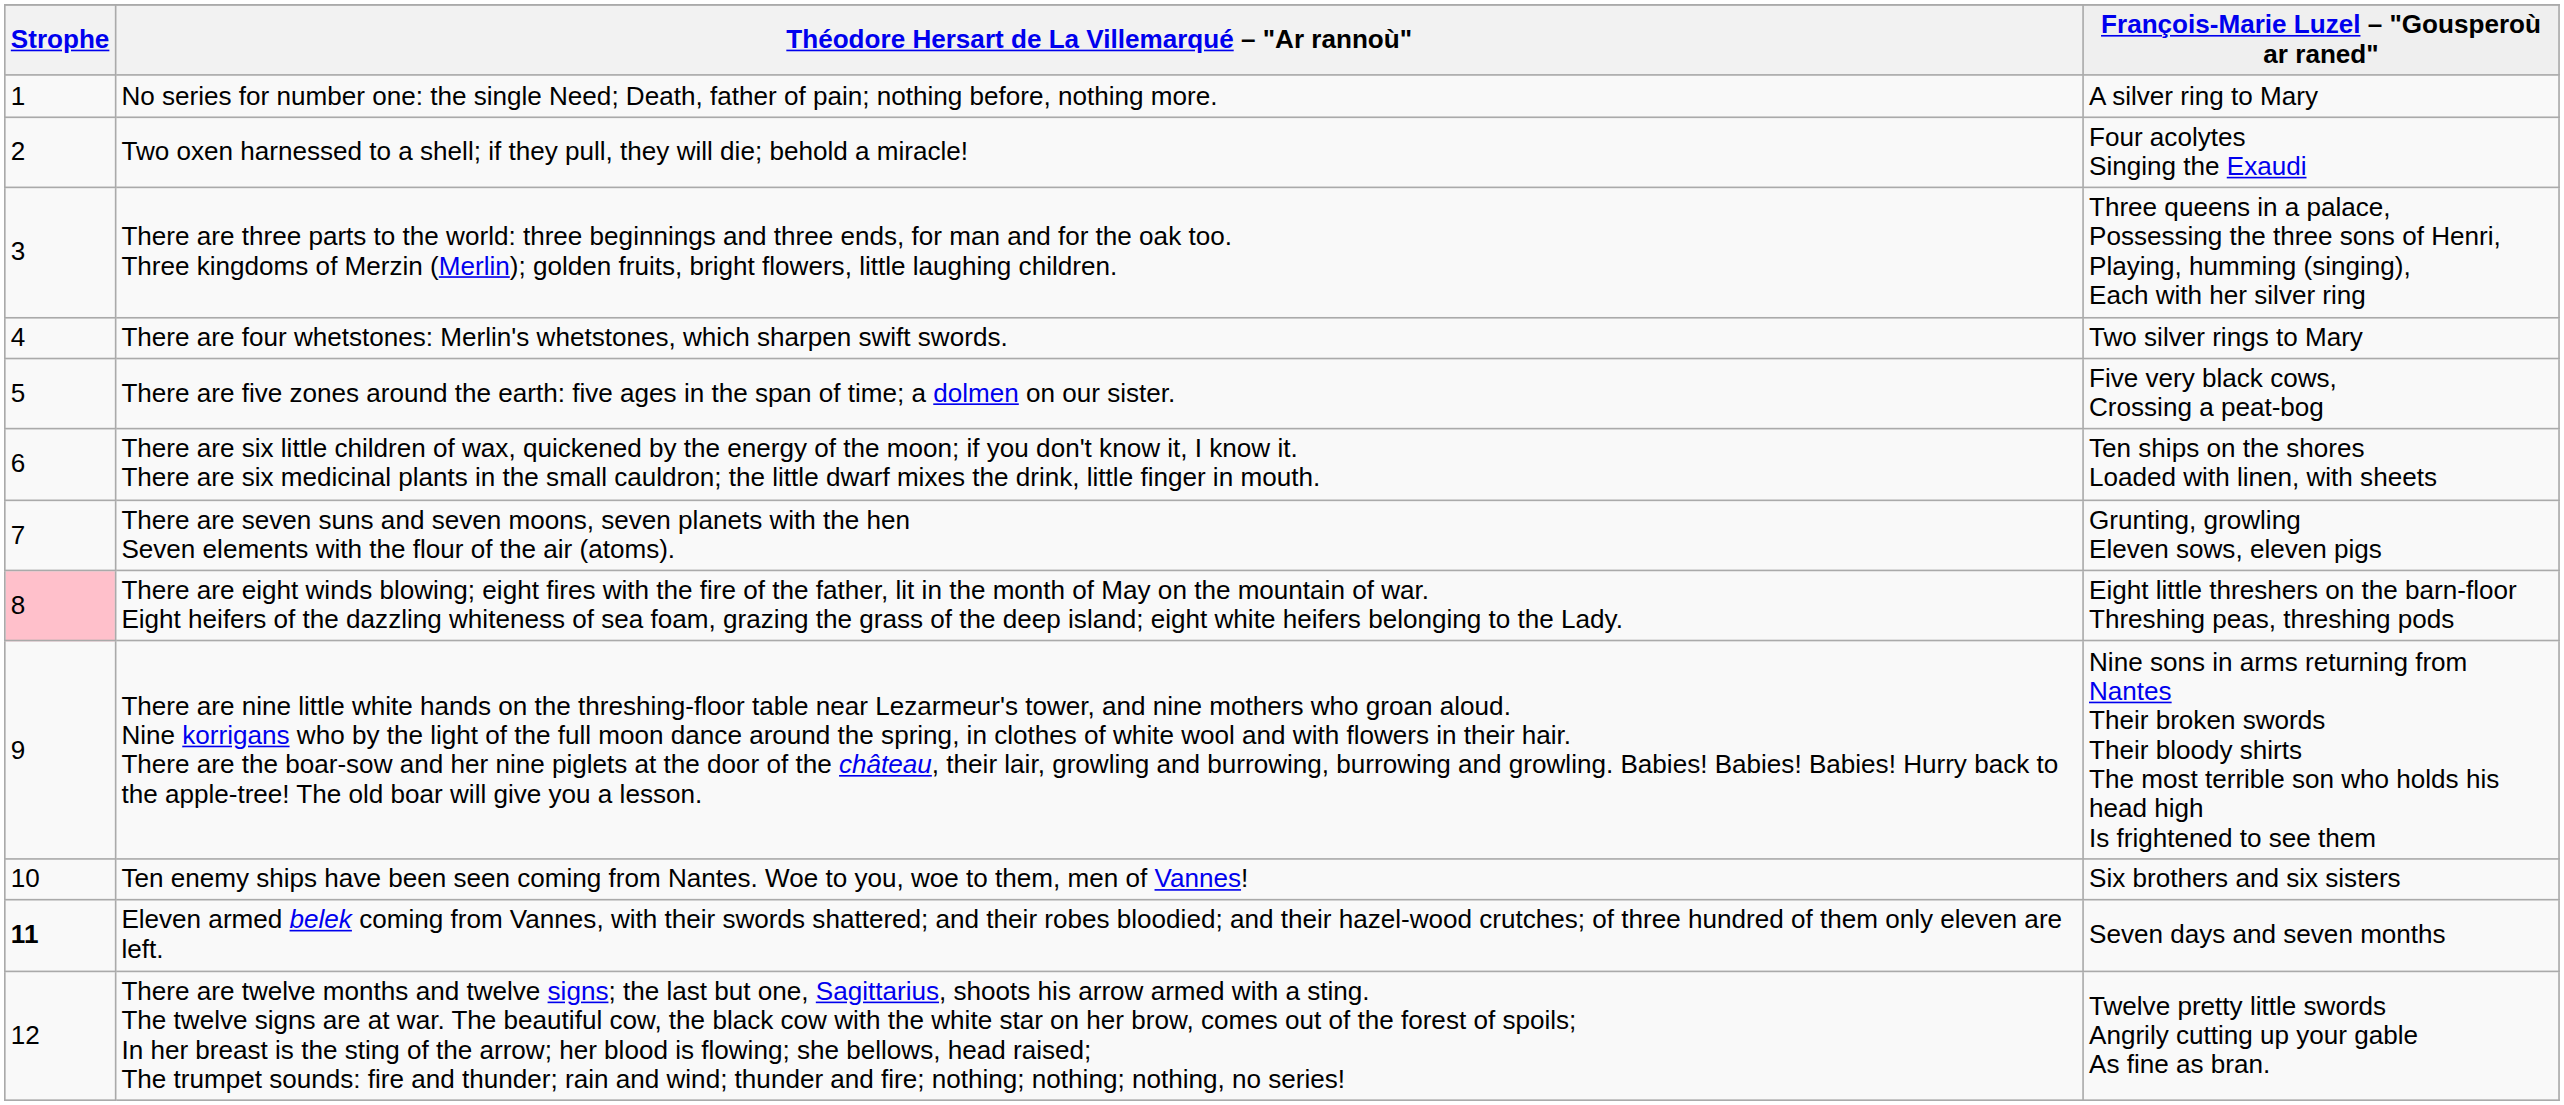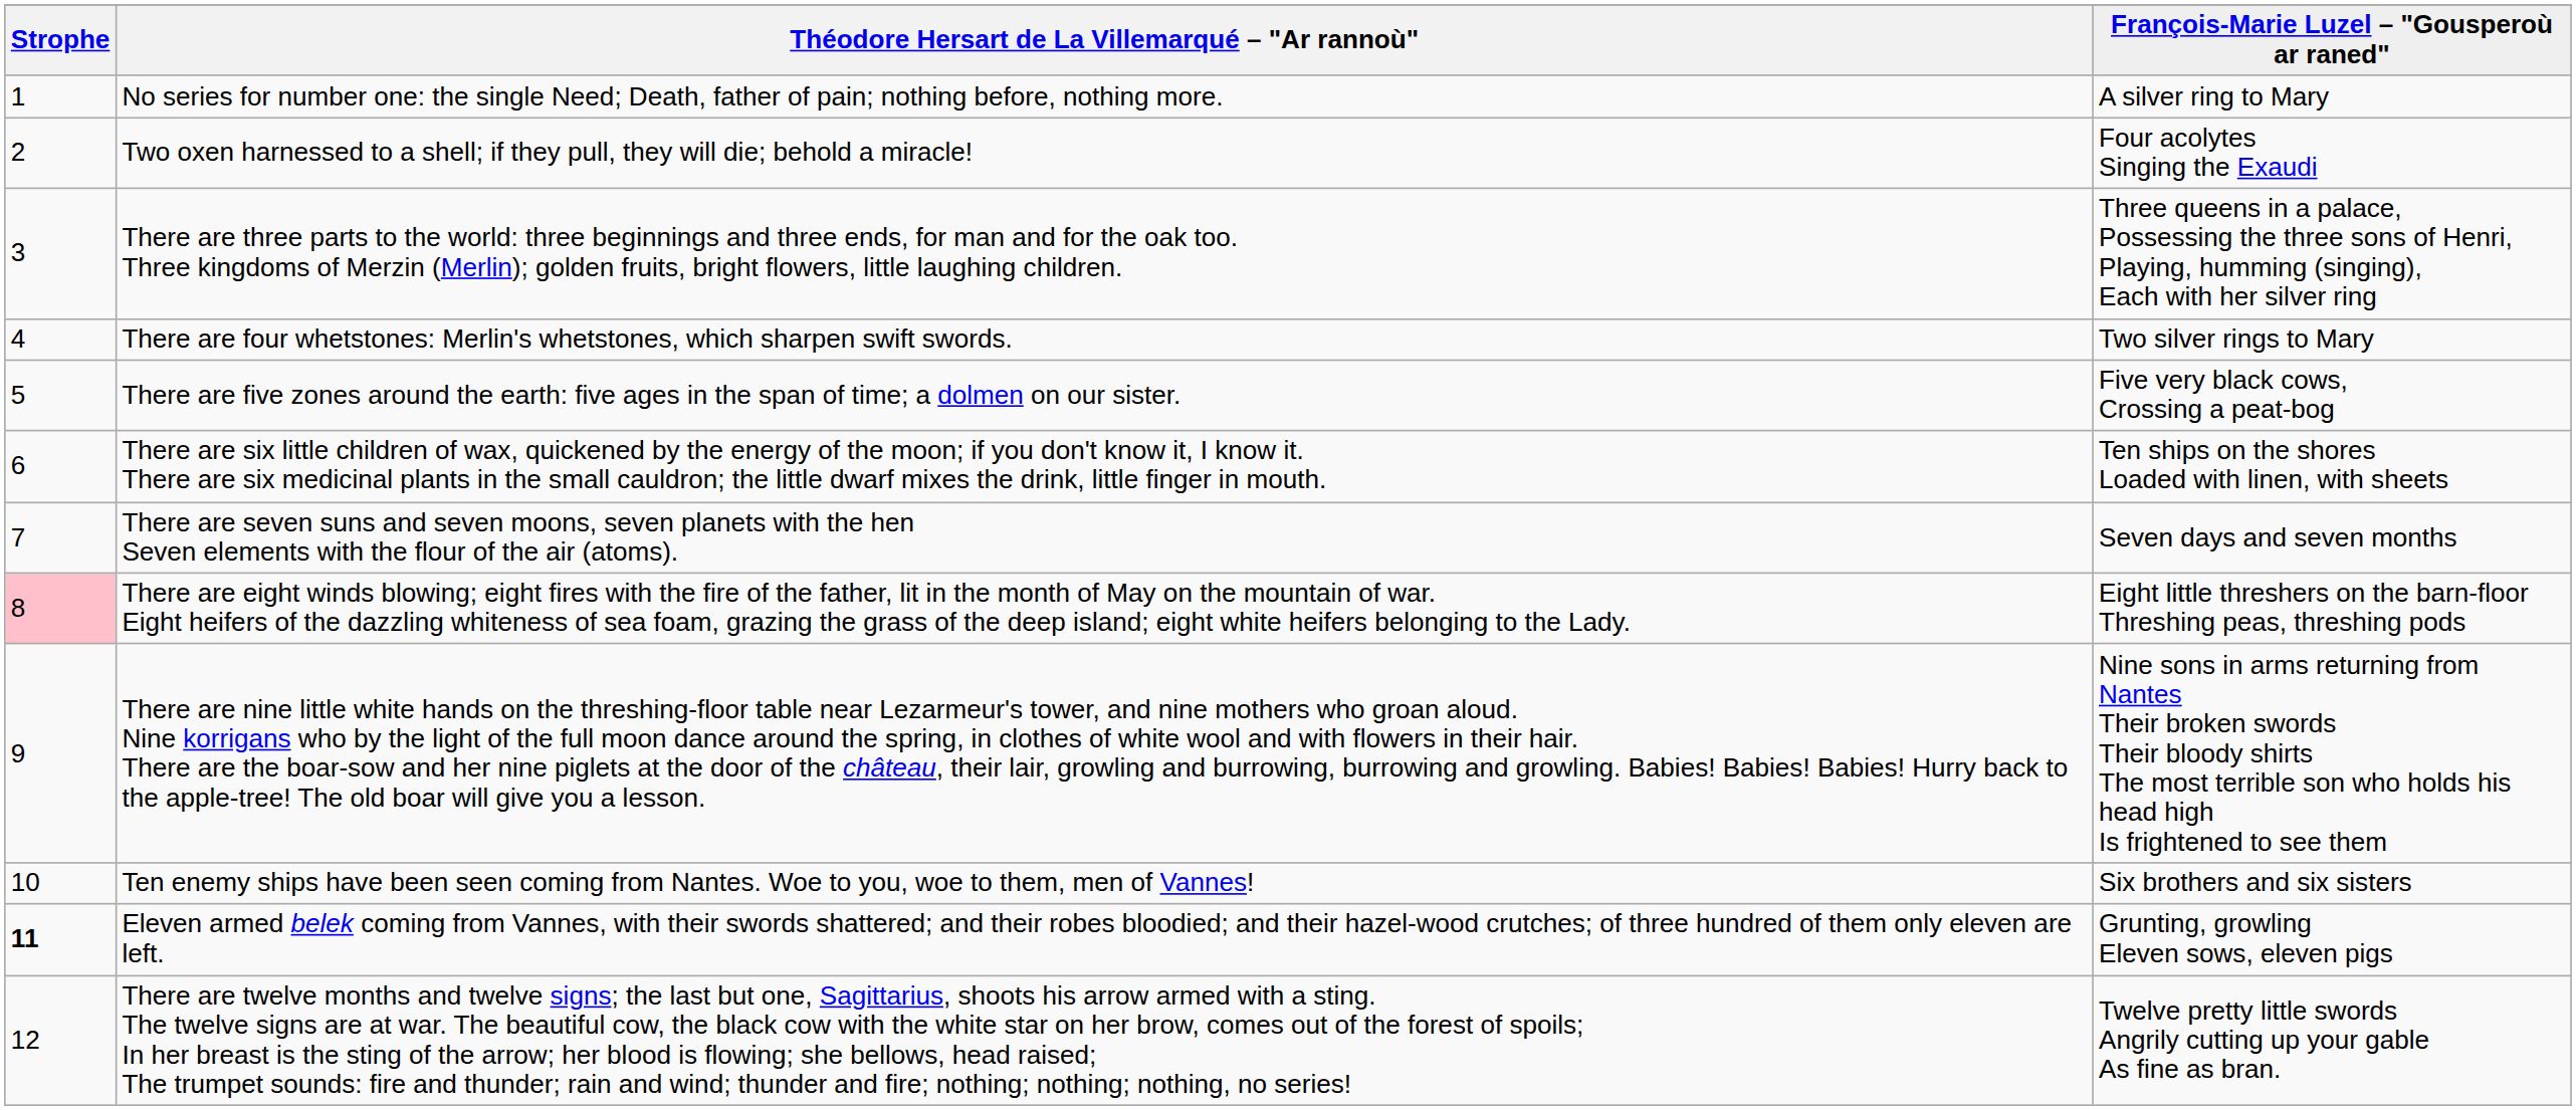 <table class="wikitable" width="auto" style="text-align: center">
 <tr>
 </tr>
 <tr style="background:#efefef;">
 <th><strong><a href='#'>Strophe</a></strong></th>
 <th><strong><a href='#'>Théodore Hersart de La Villemarqué</a> – "Ar rannoù"</strong></th>
 <td><strong><a href='#'>François-Marie Luzel</a> – "Gousperoù ar raned"</strong></td>
 </tr>
 <tr>
 <td style="text-align:left;">1</td>
 <td style="text-align:left;">No series for number one: the single Need; Death, father of pain; nothing before, nothing more.</td>
 <td style="text-align:left;">A silver ring to Mary</td>
 </tr>
 <tr>
 <td style="text-align:left;">2</td>
 <td style="text-align:left;">Two oxen harnessed to a shell; if they pull, they will die; behold a miracle!</td>
 <td style="text-align:left;">Four acolytes<br>Singing the <a href='#'>Exaudi</a></td>
 </tr>
 <tr>
 <td style="text-align:left;">3</td>
 <td style="text-align:left;">There are three parts to the world: three beginnings and three ends, for man and for the oak too.<br>Three kingdoms of Merzin (<a href='#'>Merlin</a>); golden fruits, bright flowers, little laughing children.</td>
 <td style="text-align:left;">Three queens in a palace,<br>Possessing the three sons of Henri,<br>Playing, humming (singing),<br>Each with her silver ring</td>
 </tr>
 <tr>
 <td style="text-align:left;">4</td>
 <td style="text-align:left;">There are four whetstones: Merlin's whetstones, which sharpen swift swords.</td>
 <td style="text-align:left;">Two silver rings to Mary</td>
 </tr>
 <tr>
 <td style="text-align:left;">5</td>
 <td style="text-align:left;">There are five zones around the earth: five ages in the span of time; a <a href='#'>dolmen</a> on our sister.</td>
 <td style="text-align:left;">Five very black cows,<br>Crossing a peat-bog</td>
 </tr>
 <tr>
 <td style="text-align:left;">6</td>
 <td style="text-align:left;">There are six little children of wax, quickened by the energy of the moon; if you don't know it, I know it.<br>There are six medicinal plants in the small cauldron; the little dwarf mixes the drink, little finger in mouth.</td>
 <td style="text-align:left;">Ten ships on the shores<br>Loaded with linen, with sheets</td>
 </tr>
 <tr>
 <td style="text-align:left;">7</td>
 <td style="text-align:left;">There are seven suns and seven moons, seven planets with the hen<br>Seven elements with the flour of the air (atoms).</td>
-<td style="text-align:left;">Grunting, growling<br>Eleven sows, eleven pigs</td>
+<td style="text-align:left;">Seven days and seven months</td>
 </tr>
 <tr>
 <td style="background: pink; text-align:left;">8</td>
 <td style="text-align:left;">There are eight winds blowing; eight fires with the fire of the father, lit in the month of May on the mountain of war.<br>Eight heifers of the dazzling whiteness of sea foam, grazing the grass of the deep island; eight white heifers belonging to the Lady.</td>
 <td style="text-align:left;">Eight little threshers on the barn-floor<br>Threshing peas, threshing pods</td>
 </tr>
 <tr>
 <td style="text-align:left;">9</td>
 <td style="text-align:left;">There are nine little white hands on the threshing-floor table near Lezarmeur's tower, and nine mothers who groan aloud.<br>Nine <a href='#'>korrigans</a> who by the light of the full moon dance around the spring, in clothes of white wool and with flowers in their hair.<br>There are the boar-sow and her nine piglets at the door of the <em><a href='#'>château</a></em>, their lair, growling and burrowing, burrowing and growling.  Babies!  Babies!  Babies!  Hurry back to the apple-tree!  The old boar will give you a lesson.</td>
 <td style="text-align:left;">Nine sons in arms returning from <a href='#'>Nantes</a><br>Their broken swords<br>Their bloody shirts<br>The most terrible son who holds his head high<br>Is frightened to see them</td>
 </tr>
 <tr>
 <td style="text-align:left;">10</td>
 <td style="text-align:left;">Ten enemy ships have been seen coming from Nantes.  Woe to you, woe to them, men of <a href='#'>Vannes</a>!</td>
 <td style="text-align:left;">Six brothers and six sisters</td>
 </tr>
 <tr>
 <td style="text-align:left;"><strong>11</strong></td>
 <td style="text-align:left;">Eleven armed <em><a href='#'>belek</a></em> coming from Vannes, with their swords shattered; and their robes bloodied; and their hazel-wood crutches; of three hundred of them only eleven are left.</td>
-<td style="text-align:left;">Seven days and seven months</td>
+<td style="text-align:left;">Grunting, growling<br>Eleven sows, eleven pigs</td>
 </tr>
 <tr>
 <td style="text-align:left;">12</td>
 <td style="text-align:left;">There are twelve months and twelve <a href='#'>signs</a>; the last but one, <a href='#'>Sagittarius</a>, shoots his arrow armed with a sting.<br>The twelve signs are at war. The beautiful cow, the black cow with the white star on her brow, comes out of the forest of spoils;<br>In her breast is the sting of the arrow; her blood is flowing; she bellows, head raised;<br>The trumpet sounds: fire and thunder; rain and wind; thunder and fire; nothing; nothing; nothing, no series!</td>
 <td style="text-align:left;">Twelve pretty little swords<br>Angrily cutting up your gable<br>As fine as bran.</td>
 </tr>
 </table>
